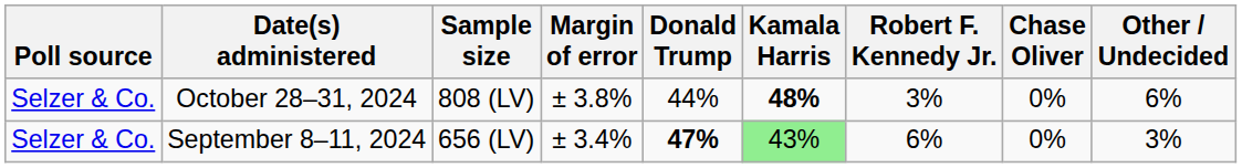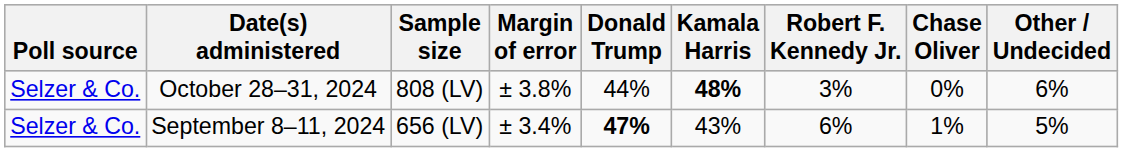 <table class="wikitable sortable mw-datatable" style="font-size:90%;text-align:center;line-height:17px">
 <tr valign=bottom>
 <th>Poll source</th>
 <th>Date(s)<br>administered</th>
 <th>Sample<br>size</th>
 <th>Margin<br>of error</th>
 <th class="unsortable">Donald<br>Trump<br></th>
 <th class="unsortable">Kamala<br>Harris<br></th>
 <th class="unsortable">Robert F.<br>Kennedy Jr.<br></th>
 <th class="unsortable">Chase<br>Oliver<br></th>
 <th class="unsortable">Other /<br>Undecided</th>
 </tr>
 <tr>
 <td style="text-align:left;"><a href='#'>Selzer & Co.</a></td>
 <td data-sort-value=2024-10-31>October 28–31, 2024</td>
 <td>808 (LV)</td>
 <td>± 3.8%</td>
 <td>44%</td>
 <td style="background-color:"><strong>48%</strong></td>
 <td>3%</td>
 <td>0%</td>
 <td>6%</td>
 </tr>
 <tr>
 <td style="text-align:left;"><a href='#'>Selzer & Co.</a></td>
 <td data-sort-value=2024-09-11>September 8–11, 2024</td>
 <td>656 (LV)</td>
 <td>± 3.4%</td>
 <td style="background-color:"><strong>47%</strong></td>
-<td style="background: lightgreen;">43%</td>
+<td>43%</td>
 <td>6%</td>
-<td>0%</td>
-<td>3%</td>
+<td>1%</td>
+<td>5%</td>
 </tr>
 </table>
